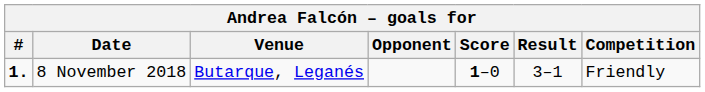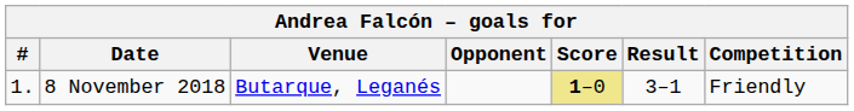 <table class="wikitable collapsible">
 <tr>
 <th colspan="7"><strong>Andrea Falcón – goals for </strong></th>
 </tr>
 <tr>
 <th>#</th>
 <th>Date</th>
 <th>Venue</th>
 <th>Opponent</th>
 <th>Score</th>
 <th>Result</th>
 <th>Competition</th>
 </tr>
 <tr>
-<td align="center"><strong>1.</strong></td>
+<td align="center">1.</td>
 <td>8 November 2018</td>
 <td><a href='#'>Butarque</a>, <a href='#'>Leganés</a></td>
 <td></td>
-<td align="center"><strong>1</strong>–0</td>
+<td align="center" style="background: khaki;"><strong>1</strong>–0</td>
 <td align="center">3–1</td>
 <td>Friendly</td>
 </tr>
 </table>
